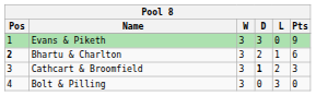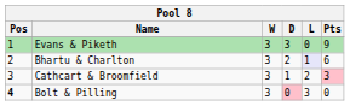 <table class="wikitable">
 <tr>
 <th colspan="6">Pool 8</th>
 </tr>
 <tr>
 <th width=30>Pos</th>
 <th width=300>Name</th>
 <th width=20>W</th>
 <th width=20>D</th>
 <th width=20>L</th>
 <th width=20>Pts</th>
 </tr>
 <tr>
 </tr>
 <tr style="background:#ACE1AF;">
 <td>1</td>
 <td> Evans & Piketh</td>
 <td>3</td>
 <td>3</td>
 <td>0</td>
 <td>9</td>
 </tr>
 <tr>
-<td><strong>2</strong></td>
+<td>2</td>
 <td> Bhartu & Charlton</td>
 <td>3</td>
 <td>2</td>
-<td>1</td>
+<td style="background: lavender;">1</td>
 <td>6</td>
 </tr>
 <tr>
 <td>3</td>
 <td> Cathcart & Broomfield</td>
 <td>3</td>
-<td><strong>1</strong></td>
+<td>1</td>
 <td>2</td>
-<td>3</td>
+<td style="background: pink;">3</td>
 </tr>
 <tr>
-<td>4</td>
+<td><strong>4</strong></td>
 <td> Bolt &  Pilling</td>
 <td>3</td>
-<td>0</td>
+<td style="background: pink;">0</td>
 <td>3</td>
 <td>0</td>
 </tr>
 </table>
